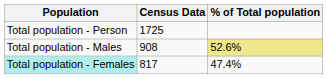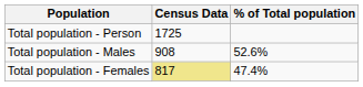 <table class="wikitable">
 <tr>
 <th>Population</th>
 <th>Census Data</th>
 <th>% of Total population</th>
 </tr>
 <tr>
 <td>Total population - Person</td>
 <td>1725</td>
 <td></td>
 </tr>
 <tr>
 <td>Total population - Males</td>
 <td>908</td>
-<td style="background: khaki;">52.6%</td>
+<td>52.6%</td>
 </tr>
 <tr>
-<td style="background: paleturquoise;">Total population - Females</td>
-<td>817</td>
+<td>Total population - Females</td>
+<td style="background: khaki;">817</td>
 <td>47.4%</td>
 </tr>
 </table>
